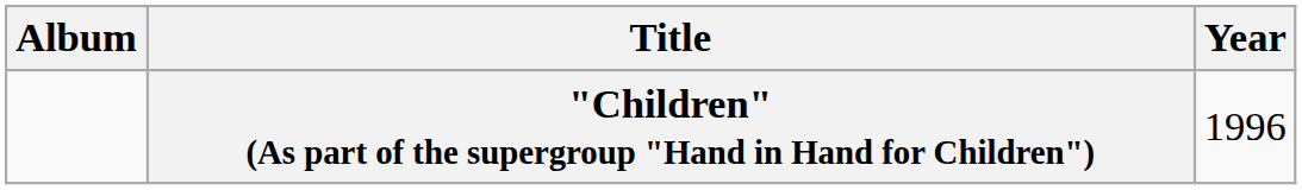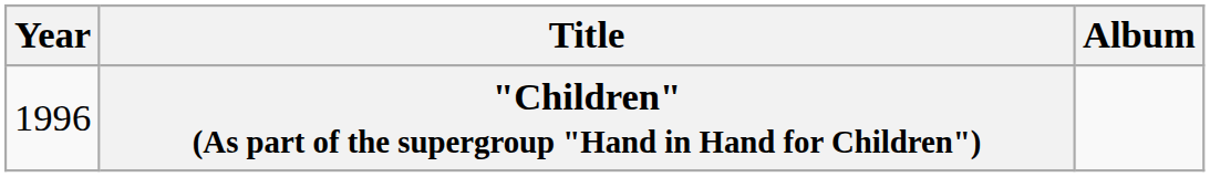 <table class="wikitable plainrowheaders" style="text-align:center;">
 <tr>
+<th>Year</th>
+<th style="width:25em;">Title</th>
 <th>Album</th>
-<th style="width:25em;">Title</th>
-<th>Year</th>
 </tr>
 <tr>
+<td>1996</td>
+<th scope="row">"Children" <br><small>(As part of the supergroup "Hand in Hand for Children")</small></th>
 <td></td>
-<th scope="row">"Children" <br><small>(As part of the supergroup "Hand in Hand for Children")</small></th>
-<td>1996</td>
 </tr>
 </table>
